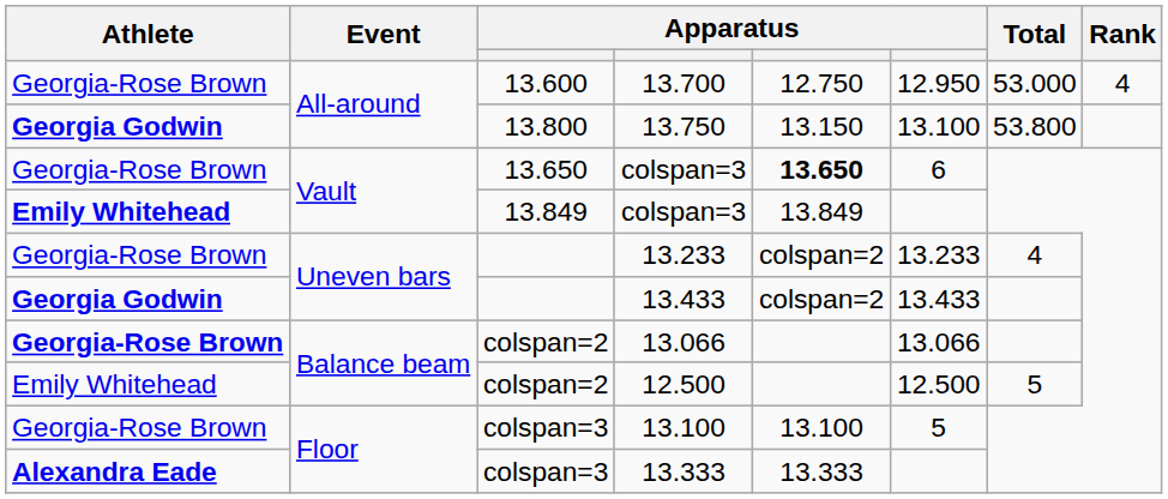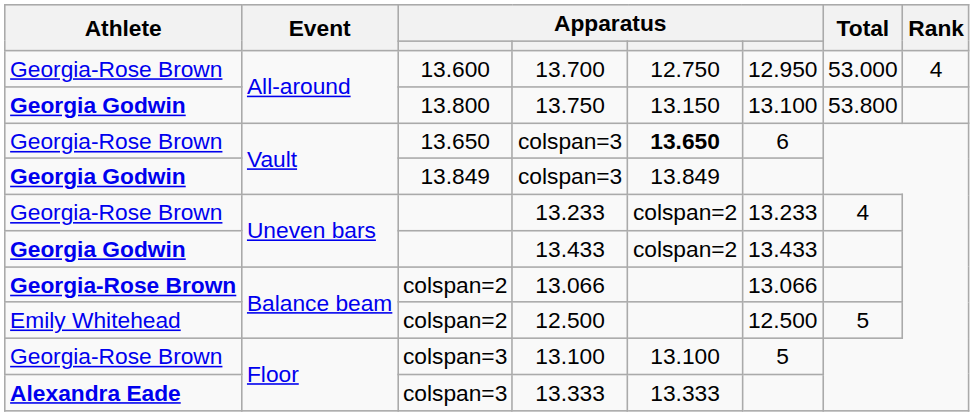 <table class=wikitable style=font-size:90%;text-align:center>
 <tr>
 <th rowspan=2>Athlete</th>
 <th rowspan=2>Event</th>
 <th colspan=4>Apparatus</th>
 <th rowspan=2>Total</th>
 <th rowspan=2>Rank</th>
 </tr>
 <tr style=font-size:95%>
 <th></th>
 <th></th>
 <th></th>
 <th></th>
 </tr>
 <tr>
 <td align=left><a href='#'>Georgia-Rose Brown</a></td>
 <td align=left rowspan=2><a href='#'>All-around</a></td>
 <td>13.600</td>
 <td>13.700</td>
 <td>12.750</td>
 <td>12.950</td>
 <td>53.000</td>
 <td>4</td>
 </tr>
 <tr>
 <td align=left><strong><a href='#'>Georgia Godwin</a></strong></td>
 <td>13.800</td>
 <td>13.750</td>
 <td>13.150</td>
 <td>13.100</td>
 <td>53.800</td>
 <td></td>
 </tr>
 <tr>
 <td align=left><a href='#'>Georgia-Rose Brown</a></td>
 <td align=left rowspan=2><a href='#'>Vault</a></td>
 <td>13.650</td>
 <td>colspan=3 </td>
 <td><strong>13.650</strong></td>
 <td>6</td>
 </tr>
 <tr>
-<td align=left><strong><a href='#'>Emily Whitehead</a></strong></td>
+<td align=left><strong><a href='#'>Georgia Godwin</a></strong></td>
 <td>13.849</td>
 <td>colspan=3 </td>
 <td>13.849</td>
 <td></td>
 </tr>
 <tr>
 <td align=left><a href='#'>Georgia-Rose Brown</a></td>
 <td align=left rowspan=2><a href='#'>Uneven bars</a></td>
 <td></td>
 <td>13.233</td>
 <td>colspan=2 </td>
 <td>13.233</td>
 <td>4</td>
 </tr>
 <tr>
 <td align=left><strong><a href='#'>Georgia Godwin</a></strong></td>
 <td></td>
 <td>13.433</td>
 <td>colspan=2 </td>
 <td>13.433</td>
 <td></td>
 </tr>
 <tr>
 <td align=left><strong><a href='#'>Georgia-Rose Brown</a></strong></td>
 <td align=left rowspan=2><a href='#'>Balance beam</a></td>
 <td>colspan=2 </td>
 <td>13.066</td>
 <td></td>
 <td>13.066</td>
 <td></td>
 </tr>
 <tr>
 <td align=left><a href='#'>Emily Whitehead</a></td>
 <td>colspan=2 </td>
 <td>12.500</td>
 <td></td>
 <td>12.500</td>
 <td>5</td>
 </tr>
 <tr>
 <td align=left><a href='#'>Georgia-Rose Brown</a></td>
 <td align=left rowspan=2><a href='#'>Floor</a></td>
 <td>colspan=3 </td>
 <td>13.100</td>
 <td>13.100</td>
 <td>5</td>
 </tr>
 <tr>
 <td align=left><strong><a href='#'>Alexandra Eade</a></strong></td>
 <td>colspan=3 </td>
 <td>13.333</td>
 <td>13.333</td>
 <td></td>
 </tr>
 </table>
